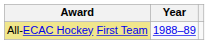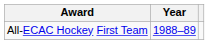 <table class="wikitable">
 <tr>
 <th>Award</th>
 <th>Year</th>
 <th></th>
 </tr>
 <tr>
-<td style="background: khaki;">All-<a href='#'>ECAC Hockey</a> <a href='#'>First Team</a></td>
+<td>All-<a href='#'>ECAC Hockey</a> <a href='#'>First Team</a></td>
 <td><a href='#'>1988–89</a></td>
 <td></td>
 </tr>
 </table>
